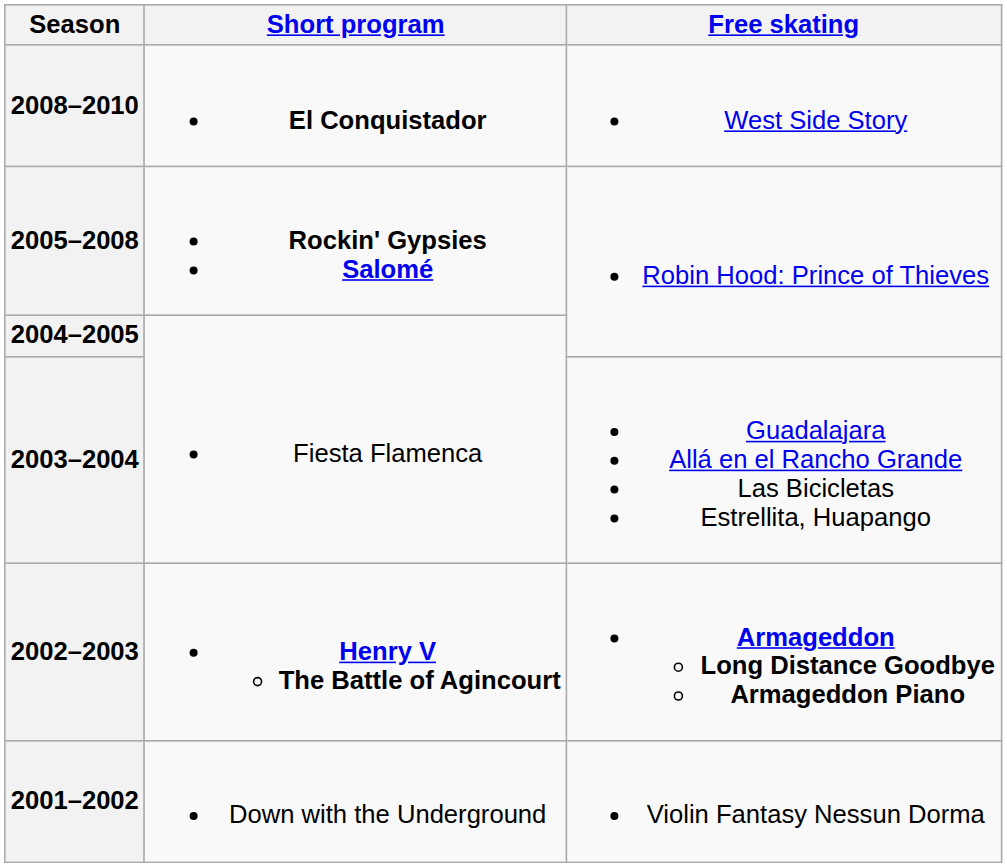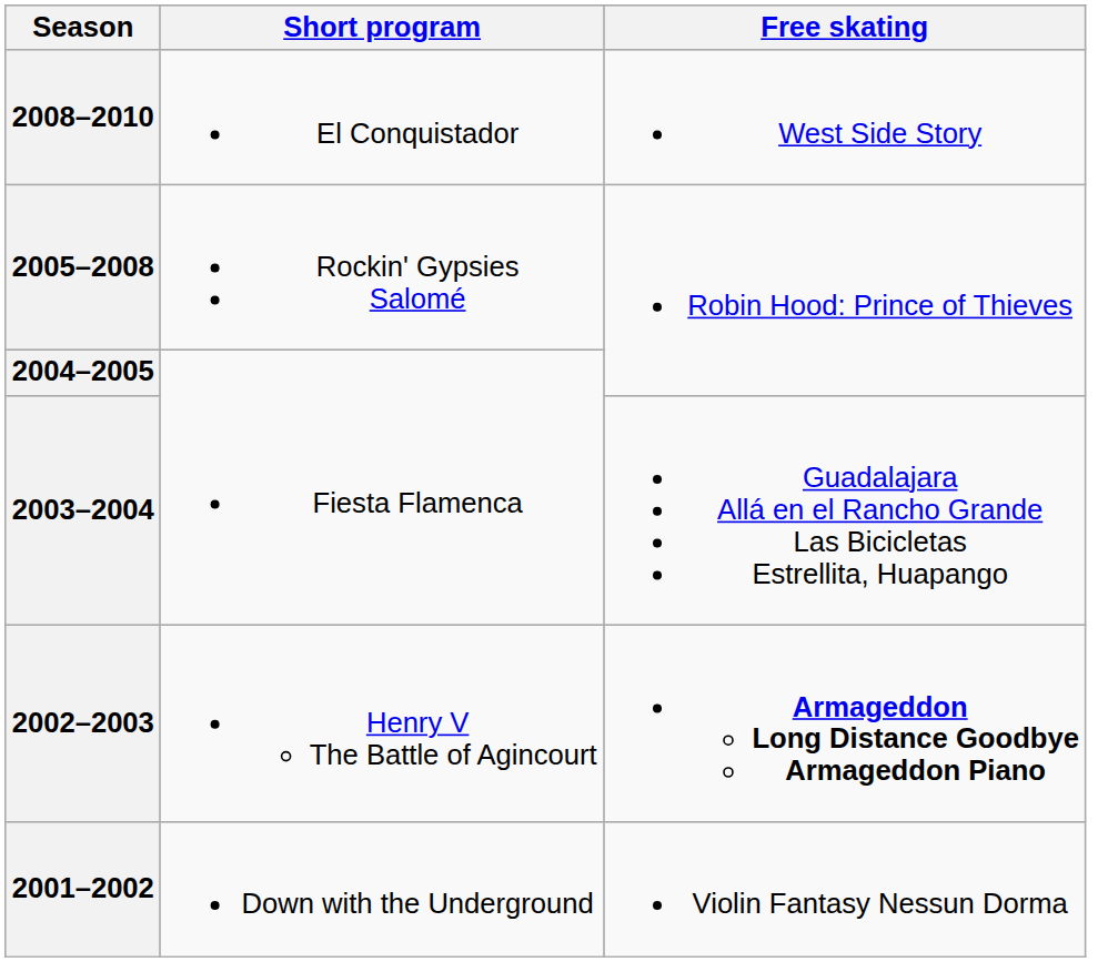 <table class=wikitable style=text-align:center>
 <tr>
 <th>Season</th>
 <th><a href='#'>Short program</a></th>
 <th><a href='#'>Free skating</a></th>
 </tr>
 <tr>
 <th>2008–2010 <br> </th>
-<td><strong><br><ul><li>El Conquistador <br></li></ul></strong></td>
+<td><br><ul><li>El Conquistador <br></li></ul></td>
 <td><br><ul><li><a href='#'>West Side Story</a> <br></li></ul></td>
 </tr>
 <tr>
 <th>2005–2008 <br> </th>
-<td><strong><br><ul><li>Rockin' Gypsies <br></li><li><a href='#'>Salomé</a> <br></li></ul></strong></td>
+<td><br><ul><li>Rockin' Gypsies <br></li><li><a href='#'>Salomé</a> <br></li></ul></td>
 <td rowspan=2><br><ul><li><a href='#'>Robin Hood: Prince of Thieves</a> <br></li></ul></td>
 </tr>
 <tr>
 <th>2004–2005 <br> </th>
 <td rowspan=2><br><ul><li>Fiesta Flamenca <br></li></ul></td>
 </tr>
 <tr>
 <th>2003–2004 <br> </th>
 <td><br><ul><li><a href='#'>Guadalajara</a></li><li><a href='#'>Allá en el Rancho Grande</a></li><li>Las Bicicletas</li><li>Estrellita, Huapango</li></ul></td>
 </tr>
 <tr>
 <th>2002–2003 <br> </th>
-<td><strong><br><ul><li><a href='#'>Henry V</a> <br><ul><li>The Battle of Agincourt</li></ul></li></ul></strong></td>
+<td><br><ul><li><a href='#'>Henry V</a> <br><ul><li>The Battle of Agincourt</li></ul></li></ul></td>
 <td><strong><br><ul><li><a href='#'>Armageddon</a> <br><ul><li>Long Distance Goodbye</li><li>Armageddon Piano</li></ul></li></ul></strong></td>
 </tr>
 <tr>
 <th>2001–2002 <br> </th>
 <td><br><ul><li>Down with the Underground <br></li></ul></td>
 <td><br><ul><li>Violin Fantasy Nessun Dorma <br></li></ul></td>
 </tr>
 </table>
